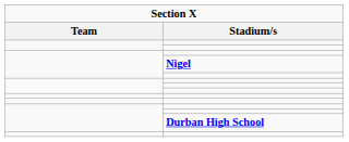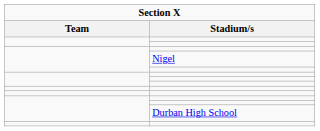 <table class="wikitable">
 <tr>
 <td colspan=3 align=center><strong>Section X</strong></td>
 </tr>
 <tr>
 <th width="220">Team</th>
 <th width="250">Stadium/s</th>
 </tr>
 <tr>
 <td rowspan=2></td>
 <td></td>
 </tr>
 <tr>
 <td></td>
 </tr>
 <tr>
 <td rowspan=3></td>
 <td></td>
 </tr>
 <tr>
-<td><strong><a href='#'>Nigel</a></strong></td>
+<td><a href='#'>Nigel</a></td>
 </tr>
 <tr>
 <td></td>
 </tr>
 <tr>
 <td rowspan=3></td>
 <td></td>
 </tr>
 <tr>
 <td></td>
 </tr>
 <tr>
 <td></td>
 </tr>
 <tr>
 <td></td>
 <td></td>
 </tr>
 <tr>
 <td></td>
 <td></td>
 </tr>
 <tr>
 <td rowspan=3></td>
 <td></td>
 </tr>
 <tr>
 <td></td>
 </tr>
 <tr>
-<td><strong><a href='#'>Durban High School</a></strong></td>
+<td><a href='#'>Durban High School</a></td>
 </tr>
 <tr>
 <td></td>
 <td></td>
 </tr>
 </table>
